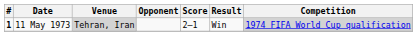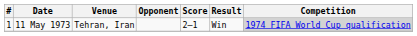 <table class="wikitable">
 <tr>
 <th>#</th>
 <th>Date</th>
 <th>Venue</th>
 <th>Opponent</th>
 <th>Score</th>
 <th>Result</th>
 <th>Competition</th>
 </tr>
 <tr>
-<td><strong>1</strong></td>
+<td>1</td>
 <td>11 May 1973</td>
-<td style="background: lightgrey;">Tehran, Iran</td>
+<td>Tehran, Iran</td>
 <td></td>
 <td>2–1</td>
 <td>Win</td>
 <td style="background: lightgrey;"><a href='#'>1974 FIFA World Cup qualification</a></td>
 </tr>
 <tr>
 </tr>
 </table>
